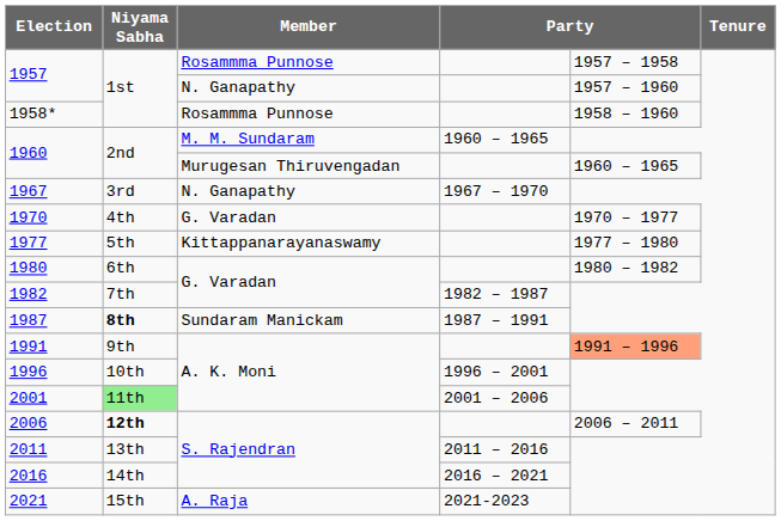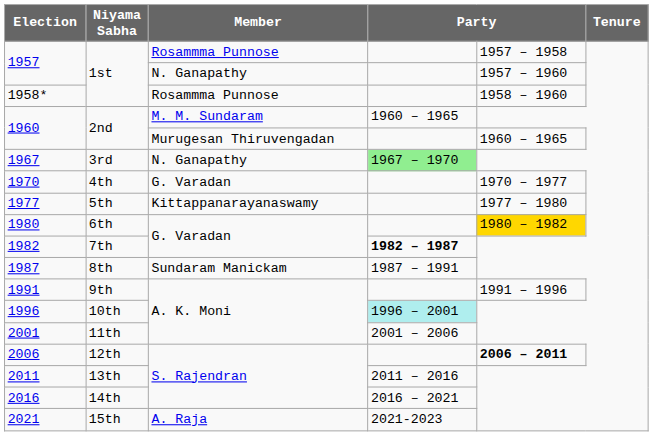 <table class="wikitable sortable" width="50%">
 <tr>
 <th style="background-color:#666666; color:white">Election</th>
 <th style="background-color:#666666; color:white">Niyama<br>Sabha</th>
 <th style="background-color:#666666; color:white">Member</th>
 <th colspan="2" style="background-color:#666666; color:white">Party</th>
 <th style="background-color:#666666; color:white">Tenure</th>
 </tr>
 <tr>
 <td rowspan="2"><a href='#'>1957</a></td>
 <td rowspan="3">1st</td>
 <td><a href='#'>Rosammma Punnose</a></td>
 <td></td>
 <td>1957 – 1958</td>
 </tr>
 <tr>
 <td>N. Ganapathy</td>
 <td></td>
 <td>1957 – 1960</td>
 </tr>
 <tr>
 <td>1958*</td>
 <td>Rosammma Punnose</td>
 <td></td>
 <td>1958 – 1960</td>
 </tr>
 <tr>
 <td rowspan="2"><a href='#'>1960</a></td>
 <td rowspan="2">2nd</td>
 <td><a href='#'>M. M. Sundaram</a></td>
 <td>1960 – 1965</td>
 </tr>
 <tr>
 <td>Murugesan Thiruvengadan</td>
 <td></td>
 <td>1960 – 1965</td>
 </tr>
 <tr>
 <td><a href='#'>1967</a></td>
 <td>3rd</td>
 <td>N. Ganapathy</td>
-<td>1967 – 1970</td>
+<td style="background: lightgreen;">1967 – 1970</td>
 </tr>
 <tr>
 <td><a href='#'>1970</a></td>
 <td>4th</td>
 <td>G. Varadan</td>
 <td></td>
 <td>1970 – 1977</td>
 </tr>
 <tr>
 <td><a href='#'>1977</a></td>
 <td>5th</td>
 <td>Kittappanarayanaswamy</td>
 <td></td>
 <td>1977 – 1980</td>
 </tr>
 <tr>
 <td><a href='#'>1980</a></td>
 <td>6th</td>
 <td rowspan="2">G. Varadan</td>
 <td></td>
-<td>1980 – 1982</td>
+<td style="background: gold;">1980 – 1982</td>
 </tr>
 <tr>
 <td><a href='#'>1982</a></td>
 <td>7th</td>
-<td>1982 – 1987</td>
+<td><strong>1982 – 1987</strong></td>
 </tr>
 <tr>
 <td><a href='#'>1987</a></td>
-<td><strong>8th</strong></td>
+<td>8th</td>
 <td>Sundaram Manickam</td>
 <td>1987 – 1991</td>
 </tr>
 <tr>
 <td><a href='#'>1991</a></td>
 <td>9th</td>
 <td rowspan="3">A. K. Moni</td>
 <td></td>
-<td style="background: lightsalmon;">1991 – 1996</td>
+<td>1991 – 1996</td>
 </tr>
 <tr>
 <td><a href='#'>1996</a></td>
 <td>10th</td>
-<td>1996 – 2001</td>
+<td style="background: paleturquoise;">1996 – 2001</td>
 </tr>
 <tr>
 <td><a href='#'>2001</a></td>
-<td style="background: lightgreen;">11th</td>
+<td>11th</td>
 <td>2001 – 2006</td>
 </tr>
 <tr>
 <td><a href='#'>2006</a></td>
-<td><strong>12th</strong></td>
+<td>12th</td>
 <td rowspan="3"><a href='#'>S. Rajendran</a></td>
 <td></td>
-<td>2006 – 2011</td>
+<td><strong>2006 – 2011</strong></td>
 </tr>
 <tr>
 <td><a href='#'>2011</a></td>
 <td>13th</td>
 <td>2011 – 2016</td>
 </tr>
 <tr>
 <td><a href='#'>2016</a></td>
 <td>14th</td>
 <td>2016 – 2021</td>
 </tr>
 <tr>
 <td><a href='#'>2021</a></td>
 <td>15th</td>
 <td><a href='#'>A. Raja</a></td>
 <td>2021-2023</td>
 </tr>
 </table>
